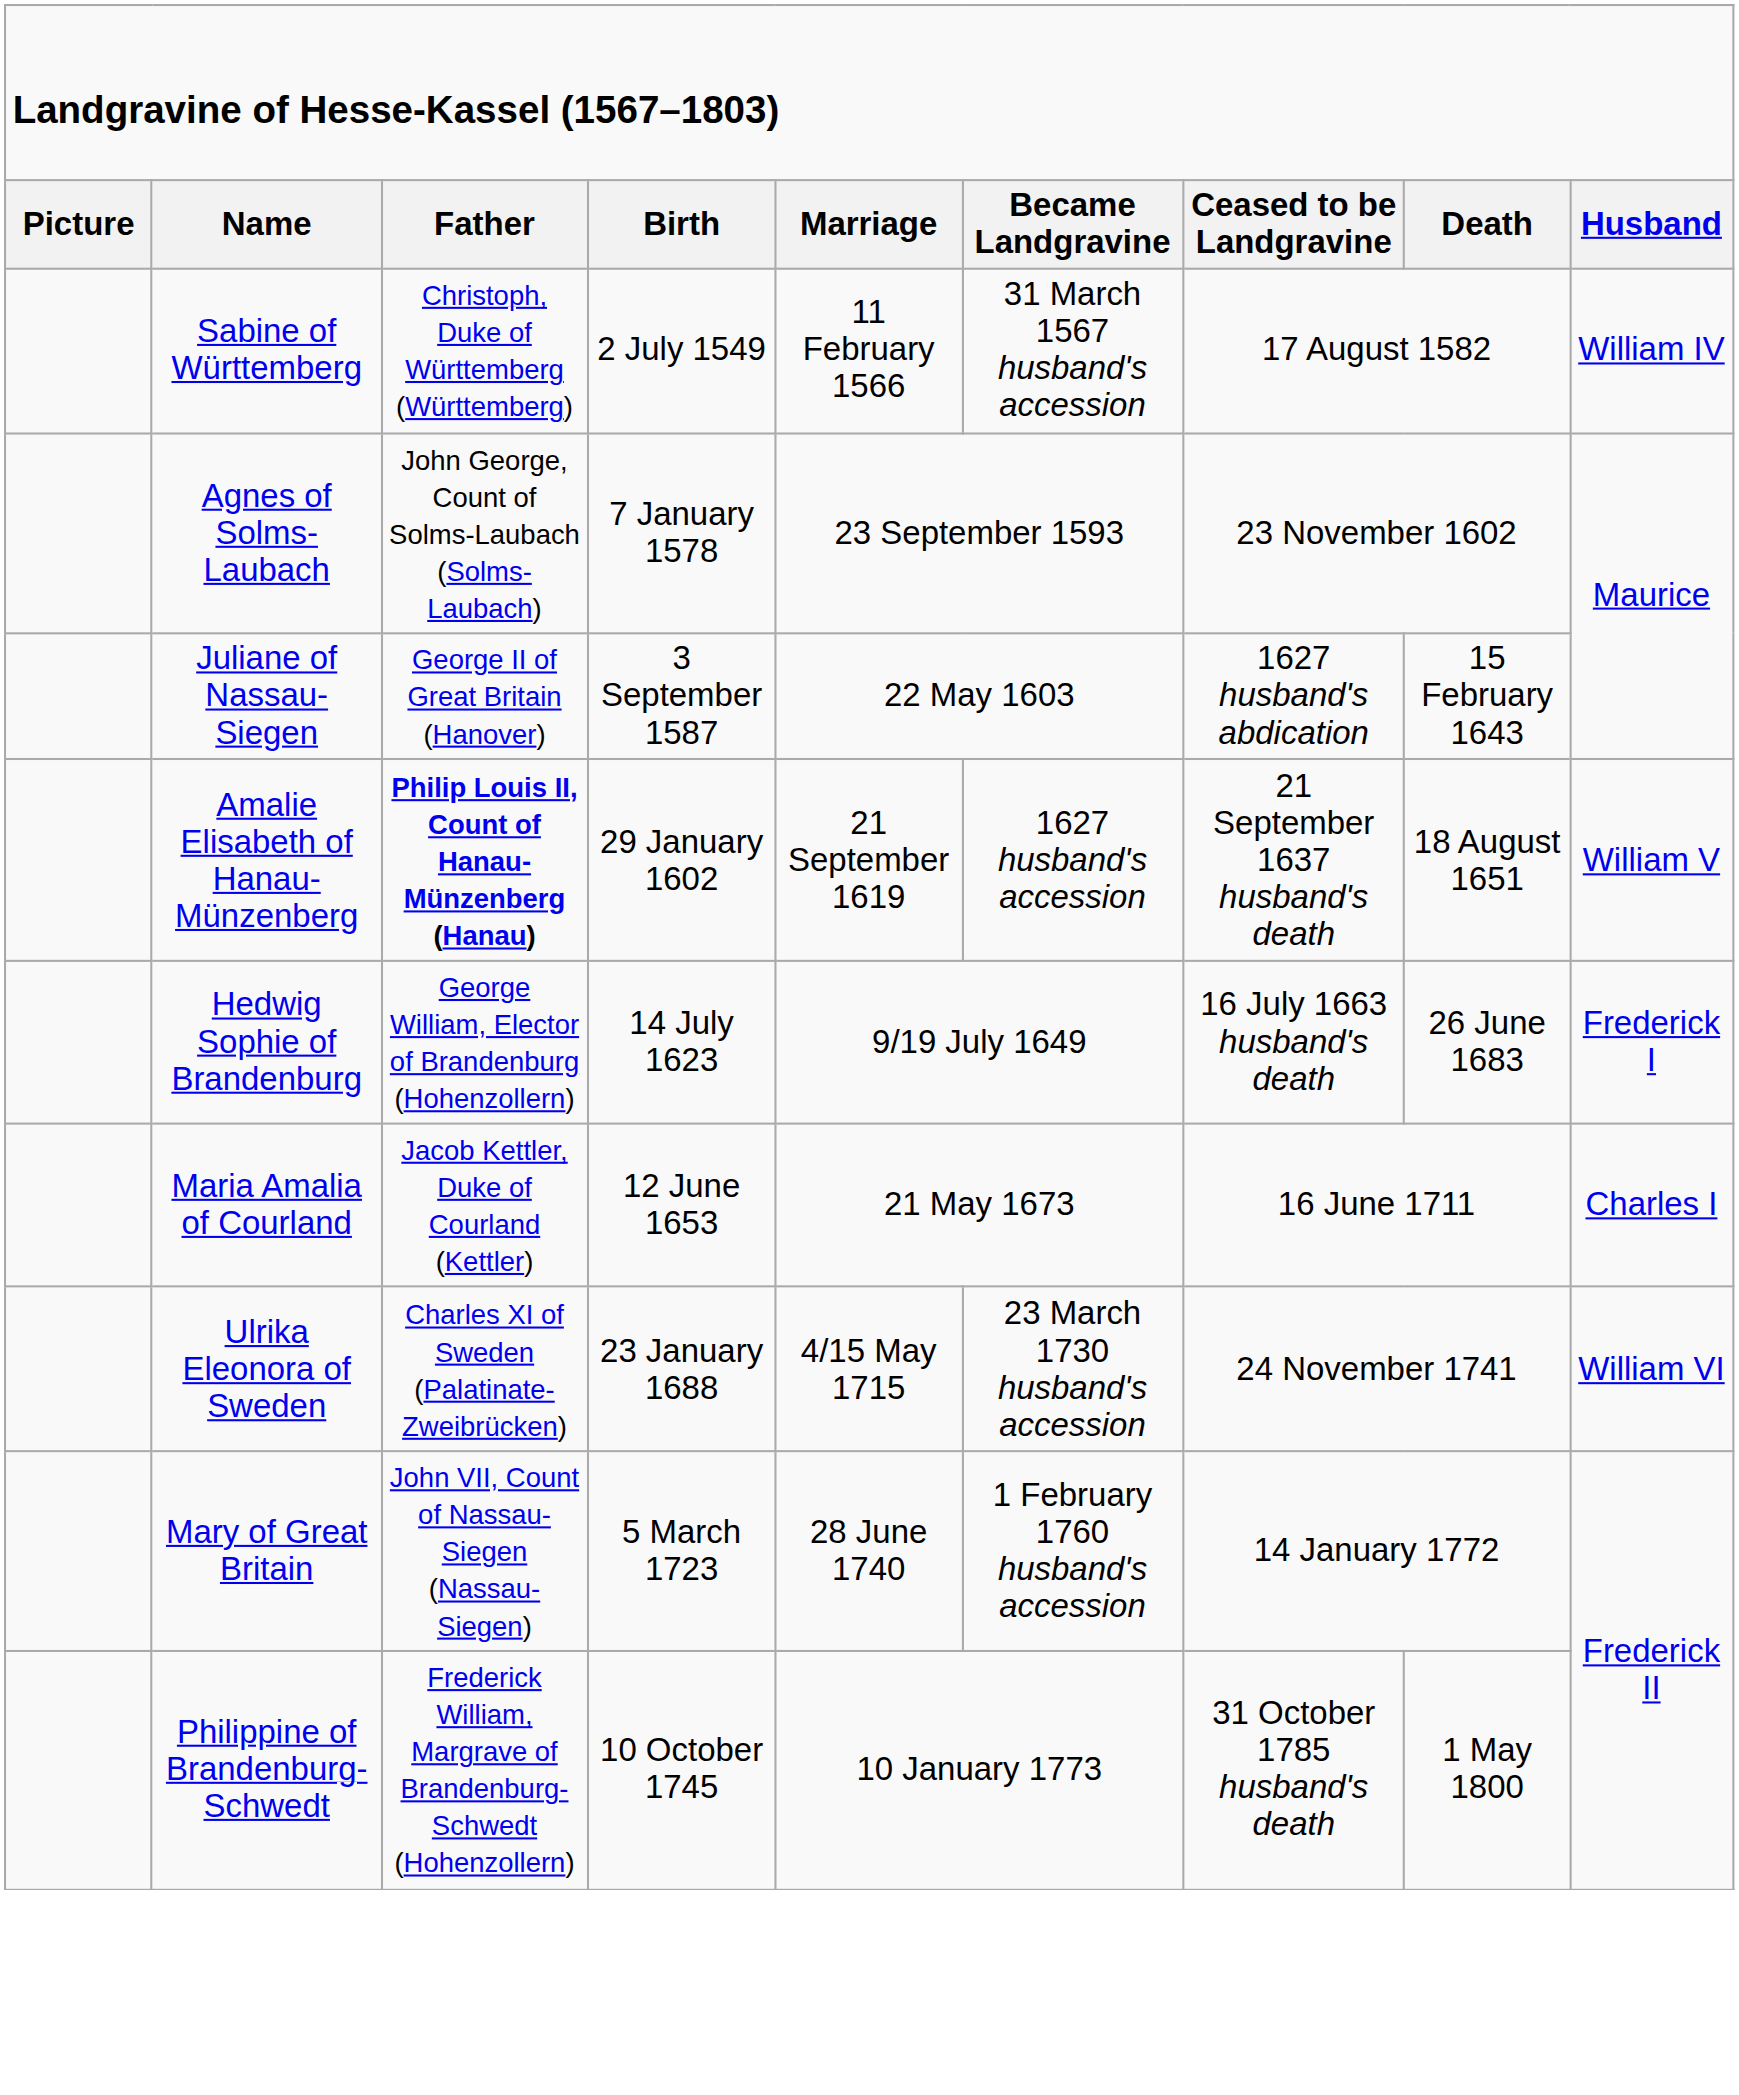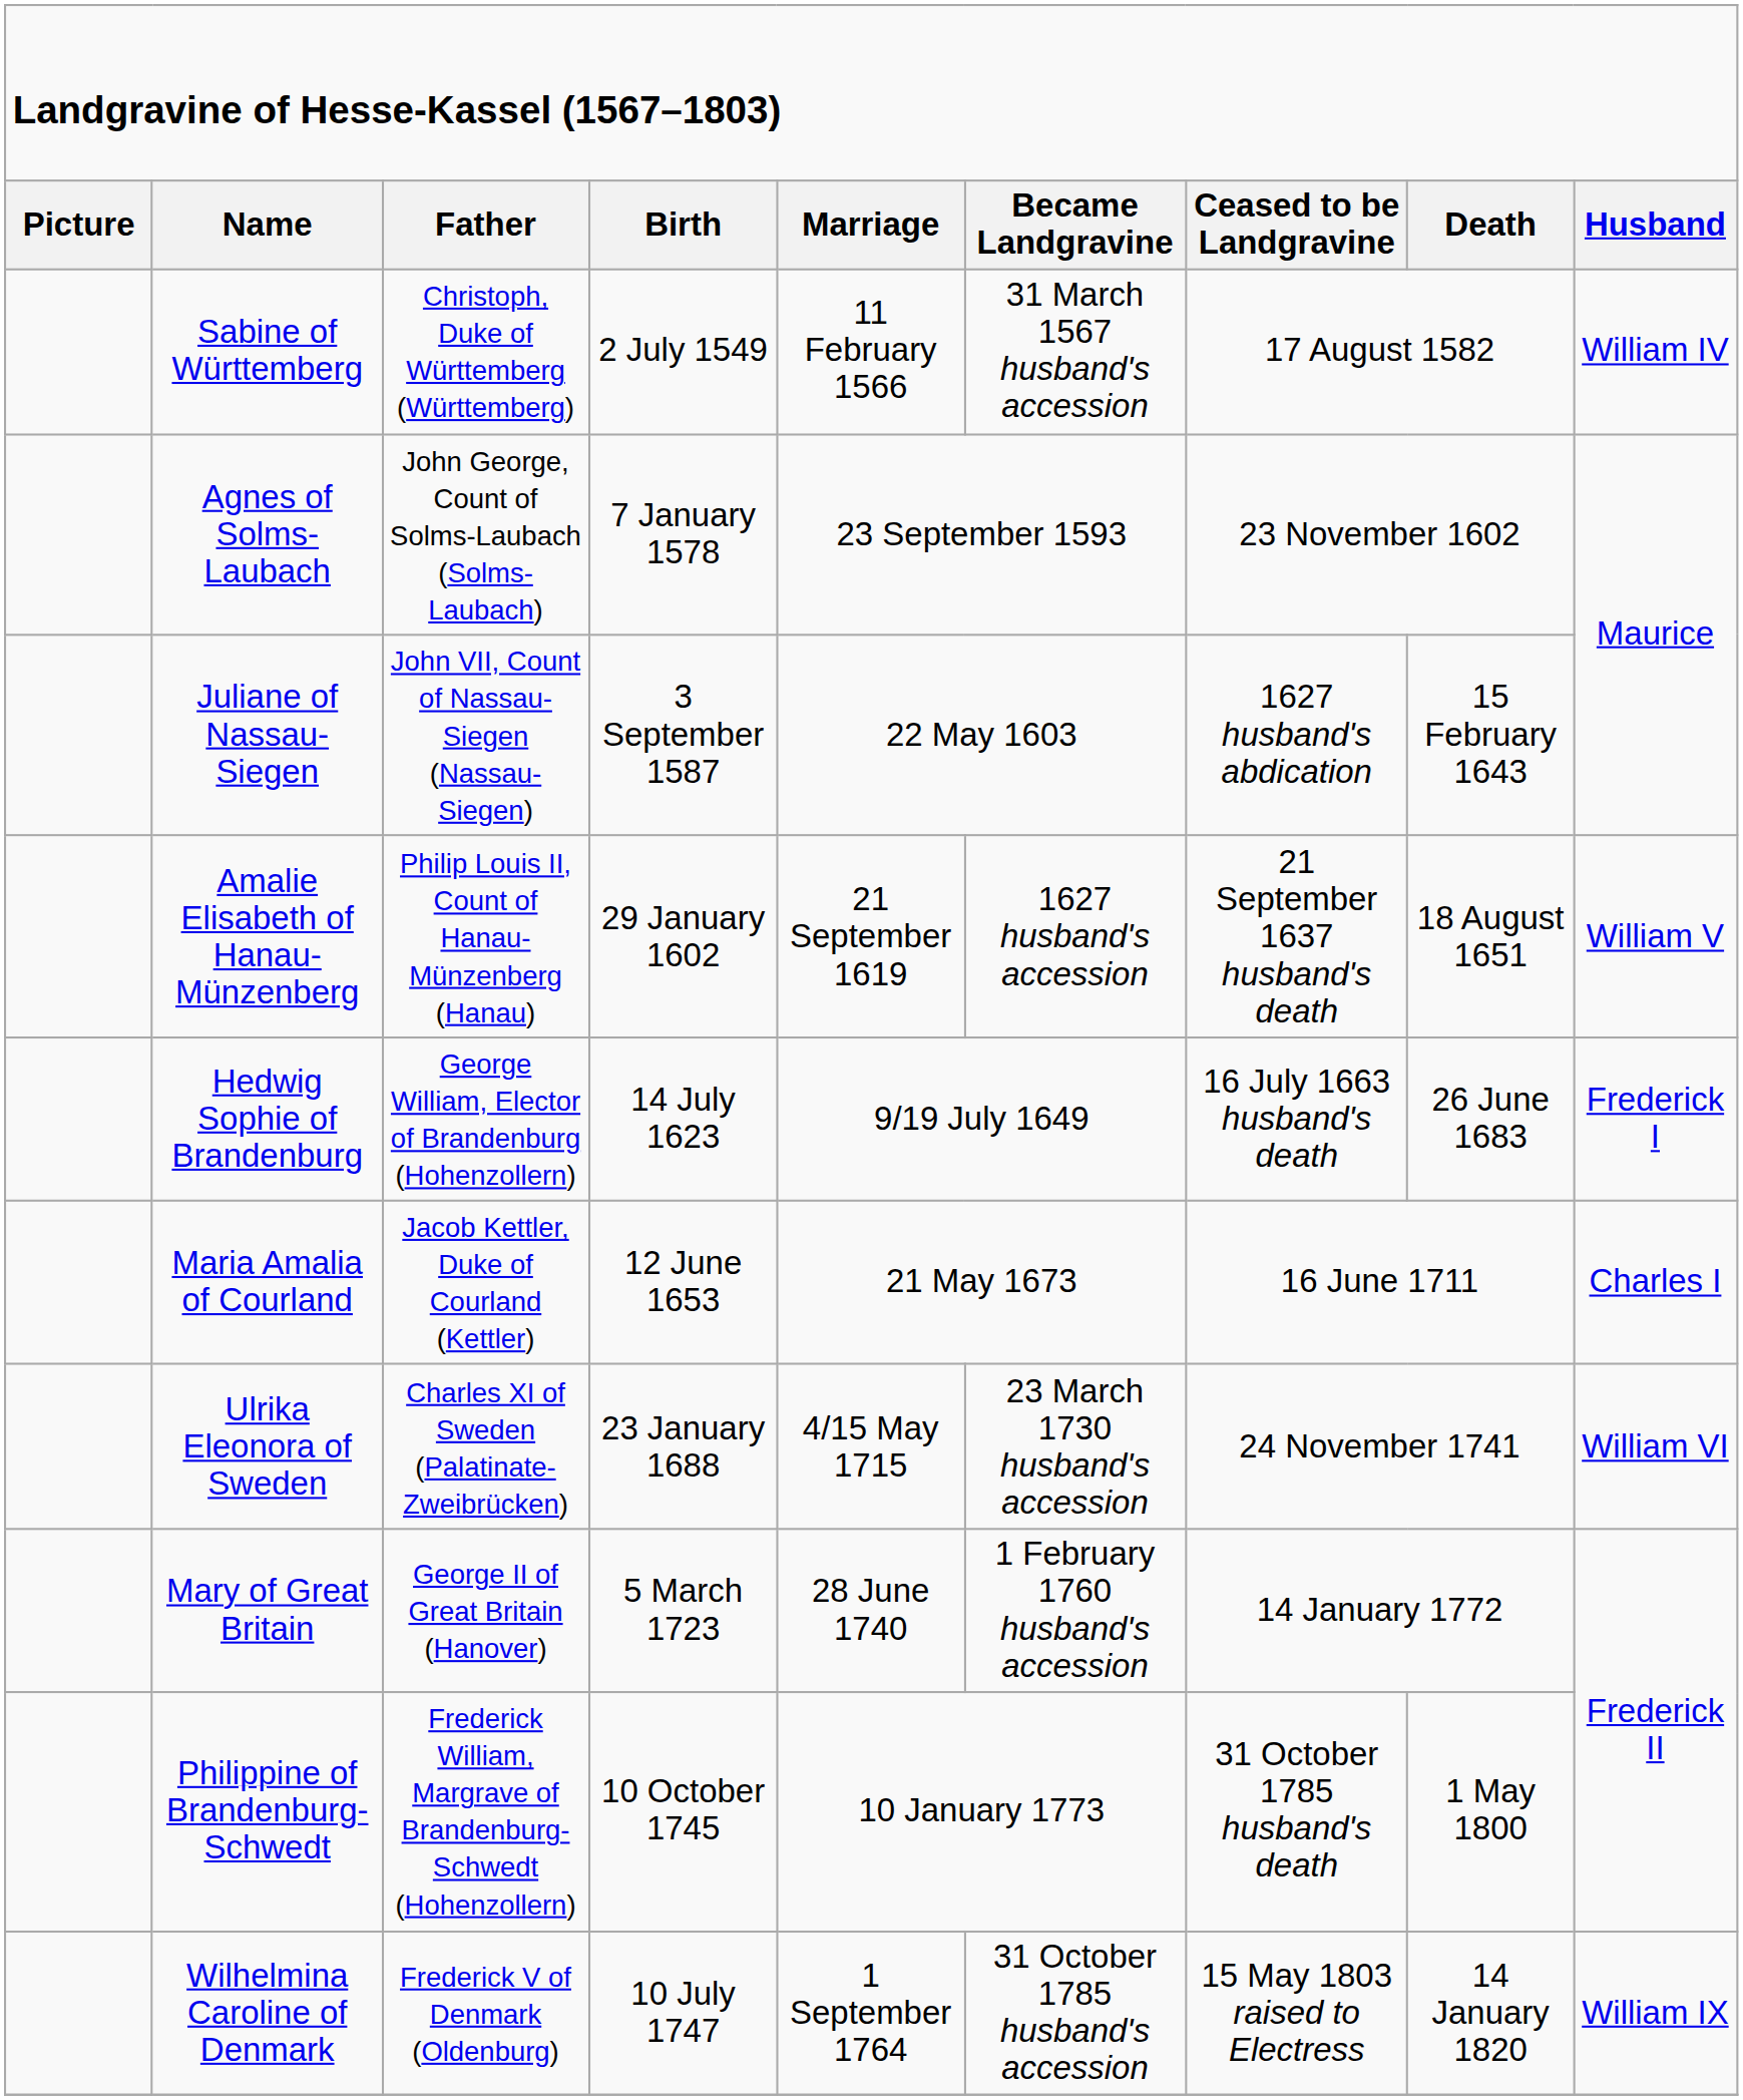 <table width=95% class="wikitable">
 <tr>
 <td colspan="9"><br><h3>Landgravine of Hesse-Kassel (1567–1803)</h3></td>
 </tr>
 <tr>
 <th width = "8%">Picture</th>
 <th width = "11%">Name</th>
 <th width = "10%">Father</th>
 <th width = "10%">Birth</th>
 <th width = "9%">Marriage</th>
 <th width = "9%">Became Landgravine</th>
 <th width = "9%">Ceased to be Landgravine</th>
 <th width = "9%">Death</th>
 <th width = "6%"><a href='#'>Husband</a></th>
 </tr>
 <tr>
 <td align="center"></td>
 <td align="center"><a href='#'>Sabine of Württemberg</a></td>
 <td align="center"><small><a href='#'>Christoph, Duke of Württemberg</a><br>(<a href='#'>Württemberg</a>)</small></td>
 <td align="center">2 July 1549</td>
 <td align="center">11 February 1566</td>
 <td align="center">31 March 1567<br><em>husband's accession</em></td>
 <td align="center" colspan="2">17 August 1582</td>
 <td align="center"><a href='#'>William IV</a></td>
 </tr>
 <tr>
 <td align="center"></td>
 <td align="center"><a href='#'>Agnes of Solms-Laubach</a></td>
 <td align="center"><small>John George, Count of Solms-Laubach<br>(<a href='#'>Solms-Laubach</a>)</small></td>
 <td align="center">7 January 1578</td>
 <td align="center" colspan="2">23 September 1593</td>
 <td align="center" colspan="2">23 November 1602</td>
 <td align="center" rowspan="2"><a href='#'>Maurice</a></td>
 </tr>
 <tr>
 <td align="center"></td>
 <td align="center"><a href='#'>Juliane of Nassau-Siegen</a></td>
-<td align="center"><small><a href='#'>George II of Great Britain</a><br>(<a href='#'>Hanover</a>)</small></td>
+<td align="center"><small><a href='#'>John VII, Count of Nassau-Siegen</a><br>(<a href='#'>Nassau-Siegen</a>)</small></td>
 <td align="center">3 September 1587</td>
 <td align="center" colspan="2">22 May 1603</td>
 <td align="center">1627<br><em>husband's abdication</em></td>
 <td align="center">15 February 1643</td>
 </tr>
 <tr>
 <td align="center"></td>
 <td align="center"><a href='#'>Amalie Elisabeth of Hanau-Münzenberg</a></td>
-<td align="center"><strong><small><a href='#'>Philip Louis II, Count of Hanau-Münzenberg</a><br>(<a href='#'>Hanau</a>)</small></strong></td>
+<td align="center"><small><a href='#'>Philip Louis II, Count of Hanau-Münzenberg</a><br>(<a href='#'>Hanau</a>)</small></td>
 <td align="center">29 January 1602</td>
 <td align="center">21 September 1619</td>
 <td align="center">1627<br><em>husband's accession</em></td>
 <td align="center">21 September 1637<br><em>husband's death</em></td>
 <td align="center">18 August 1651</td>
 <td align="center"><a href='#'>William V</a></td>
 </tr>
 <tr>
 <td align="center"></td>
 <td align="center"><a href='#'>Hedwig Sophie of Brandenburg</a></td>
 <td align="center"><small><a href='#'>George William, Elector of Brandenburg</a><br>(<a href='#'>Hohenzollern</a>)</small></td>
 <td align="center">14 July 1623</td>
 <td align="center" colspan="2">9/19 July 1649</td>
 <td align="center">16 July 1663<br><em>husband's death</em></td>
 <td align="center">26 June 1683</td>
 <td align="center"><a href='#'>Frederick I</a></td>
 </tr>
 <tr>
 <td align="center"></td>
 <td align="center"><a href='#'>Maria Amalia of Courland</a></td>
 <td align="center"><small><a href='#'>Jacob Kettler, Duke of Courland</a><br> (<a href='#'>Kettler</a>)</small></td>
 <td align="center">12 June 1653</td>
 <td align="center" colspan="2">21 May 1673</td>
 <td align="center" colspan="2">16 June 1711</td>
 <td align="center"><a href='#'>Charles I</a></td>
 </tr>
 <tr>
 <td align="center"></td>
 <td align="center"><a href='#'>Ulrika Eleonora of Sweden</a></td>
 <td align="center"><small><a href='#'>Charles XI of Sweden</a><br>(<a href='#'>Palatinate-Zweibrücken</a>)</small></td>
 <td align="center">23 January 1688</td>
 <td align="center">4/15 May 1715</td>
 <td align="center">23 March 1730<br><em>husband's accession</em></td>
 <td align="center" colspan="2">24 November 1741</td>
 <td align="center"><a href='#'>William VI</a></td>
 </tr>
 <tr>
 <td align="center"></td>
 <td align="center"><a href='#'>Mary of Great Britain</a></td>
-<td align="center"><small><a href='#'>John VII, Count of Nassau-Siegen</a><br>(<a href='#'>Nassau-Siegen</a>)</small></td>
+<td align="center"><small><a href='#'>George II of Great Britain</a><br>(<a href='#'>Hanover</a>)</small></td>
 <td align="center">5 March 1723</td>
 <td align="center">28 June 1740</td>
 <td align="center">1 February 1760<br><em>husband's accession</em></td>
 <td align="center" colspan="2">14 January 1772</td>
 <td align="center" rowspan="2"><a href='#'>Frederick II</a></td>
 </tr>
 <tr>
 <td align="center"></td>
 <td align="center"><a href='#'>Philippine of Brandenburg-Schwedt</a></td>
 <td align="center"><small><a href='#'>Frederick William, Margrave of Brandenburg-Schwedt</a><br>(<a href='#'>Hohenzollern</a>)</small></td>
 <td align="center">10 October 1745</td>
 <td align="center" colspan="2">10 January 1773</td>
 <td align="center">31 October 1785<br><em>husband's death</em></td>
 <td align="center">1 May 1800</td>
 </tr>
 <tr>
+<td align="center"></td>
+<td align="center"><a href='#'>Wilhelmina Caroline of Denmark</a></td>
+<td align="center"><small><a href='#'>Frederick V of Denmark</a><br>(<a href='#'>Oldenburg</a>)</small></td>
+<td align="center">10 July 1747</td>
+<td align="center">1 September 1764</td>
+<td align="center">31 October 1785<br><em>husband's accession</em></td>
+<td align="center">15 May 1803<br><em>raised to Electress</em></td>
+<td align="center">14 January 1820</td>
+<td align="center"><a href='#'>William IX</a></td>
+</tr>
+<tr>
 </tr>
 </table>
